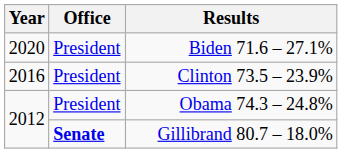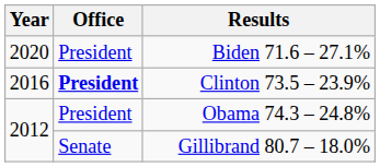 <table class=wikitable>
 <tr>
 <th width="30">Year</th>
 <th width="60">Office</th>
 <th width="180">Results</th>
 </tr>
 <tr>
 <td>2020</td>
 <td><a href='#'>President</a></td>
 <td align="right" ><a href='#'>Biden</a> 71.6 – 27.1%</td>
 </tr>
 <tr>
 <td>2016</td>
-<td><a href='#'>President</a></td>
+<td><strong><a href='#'>President</a></strong></td>
 <td align="right" ><a href='#'>Clinton</a> 73.5 – 23.9%</td>
 </tr>
 <tr>
 <td rowspan="2">2012</td>
 <td><a href='#'>President</a></td>
 <td align="right" ><a href='#'>Obama</a> 74.3 – 24.8%</td>
 </tr>
 <tr>
-<td><strong><a href='#'>Senate</a></strong></td>
+<td><a href='#'>Senate</a></td>
 <td align="right" ><a href='#'>Gillibrand</a> 80.7 – 18.0%</td>
 </tr>
 </table>
